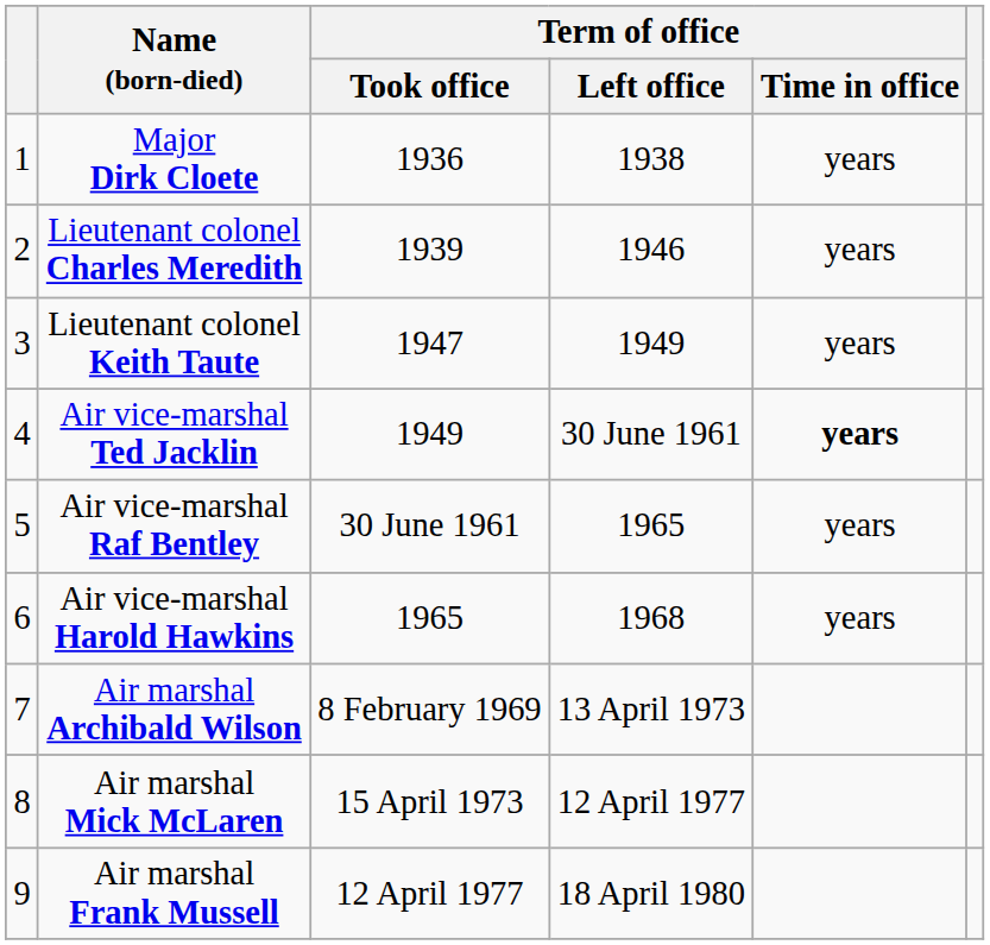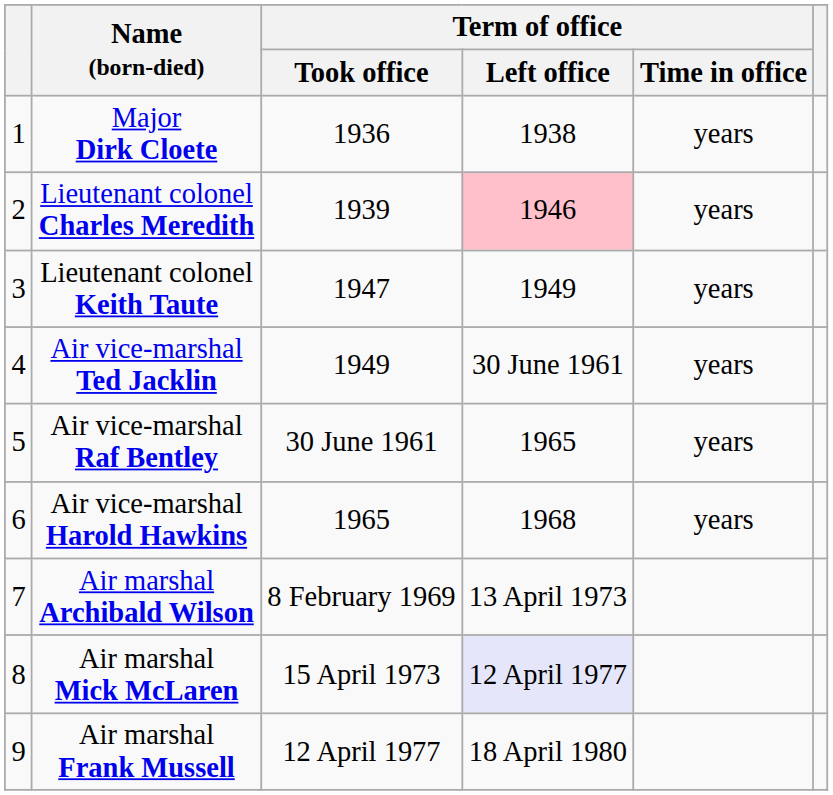 <table class="wikitable" style="text-align:center;">
 <tr>
 <th rowspan=2></th>
 <th rowspan=2>Name<br><small>(born-died)</small></th>
 <th colspan=3>Term of office</th>
 <th rowspan=2></th>
 </tr>
 <tr>
 <th>Took office</th>
 <th>Left office</th>
 <th>Time in office</th>
 </tr>
 <tr>
 <td>1</td>
 <td><a href='#'>Major</a><br><strong><a href='#'>Dirk Cloete</a></strong></td>
 <td>1936</td>
 <td>1938</td>
 <td> years</td>
 <td></td>
 </tr>
 <tr>
 <td>2</td>
 <td><a href='#'>Lieutenant colonel</a><br><strong><a href='#'>Charles Meredith</a></strong></td>
 <td>1939</td>
-<td>1946</td>
+<td style="background: pink;">1946</td>
 <td> years</td>
 <td></td>
 </tr>
 <tr>
 <td>3</td>
 <td>Lieutenant colonel<br><strong><a href='#'>Keith Taute</a></strong></td>
 <td>1947</td>
 <td>1949</td>
 <td> years</td>
 <td></td>
 </tr>
 <tr>
 <td>4</td>
 <td><a href='#'>Air vice-marshal</a><br><strong><a href='#'>Ted Jacklin</a></strong></td>
 <td>1949</td>
 <td>30 June 1961</td>
-<td><strong> years</strong></td>
+<td> years</td>
 <td></td>
 </tr>
 <tr>
 <td>5</td>
 <td>Air vice-marshal<br><strong><a href='#'>Raf Bentley</a></strong></td>
 <td>30 June 1961</td>
 <td>1965</td>
 <td> years</td>
 <td></td>
 </tr>
 <tr>
 <td>6</td>
 <td>Air vice-marshal<br><strong><a href='#'>Harold Hawkins</a></strong></td>
 <td>1965</td>
 <td>1968</td>
 <td> years</td>
 <td></td>
 </tr>
 <tr>
 <td>7</td>
 <td><a href='#'>Air marshal</a><br><strong><a href='#'>Archibald Wilson</a></strong><br></td>
 <td>8 February 1969</td>
 <td>13 April 1973</td>
 <td></td>
 <td></td>
 </tr>
 <tr>
 <td>8</td>
 <td>Air marshal<br><strong><a href='#'>Mick McLaren</a></strong><br></td>
 <td>15 April 1973</td>
-<td>12 April 1977</td>
+<td style="background: lavender;">12 April 1977</td>
 <td></td>
 <td></td>
 </tr>
 <tr>
 <td>9</td>
 <td>Air marshal<br><strong><a href='#'>Frank Mussell</a></strong><br></td>
 <td>12 April 1977</td>
 <td>18 April 1980</td>
 <td></td>
 <td></td>
 </tr>
 </table>
